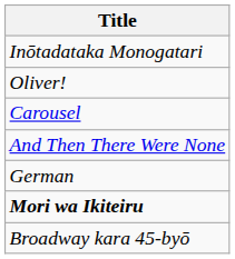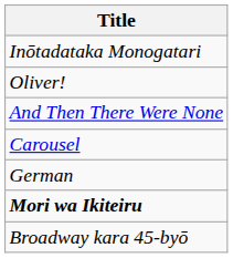 <table class="wikitable">
 <tr>
 <th>Title</th>
 </tr>
 <tr>
 <td><em>Inōtadataka Monogatari</em></td>
 </tr>
 <tr>
 <td><em>Oliver!</em></td>
 </tr>
 <tr>
-<td><em><a href='#'>Carousel</a></em></td>
+<td><em><a href='#'>And Then There Were None</a></em></td>
 </tr>
 <tr>
-<td><em><a href='#'>And Then There Were None</a></em></td>
+<td><em><a href='#'>Carousel</a></em></td>
 </tr>
 <tr>
 <td><em>German</em></td>
 </tr>
 <tr>
 <td><strong><em>Mori wa Ikiteiru</em></strong></td>
 </tr>
 <tr>
 <td><em>Broadway kara 45-byō</em></td>
 </tr>
 </table>
